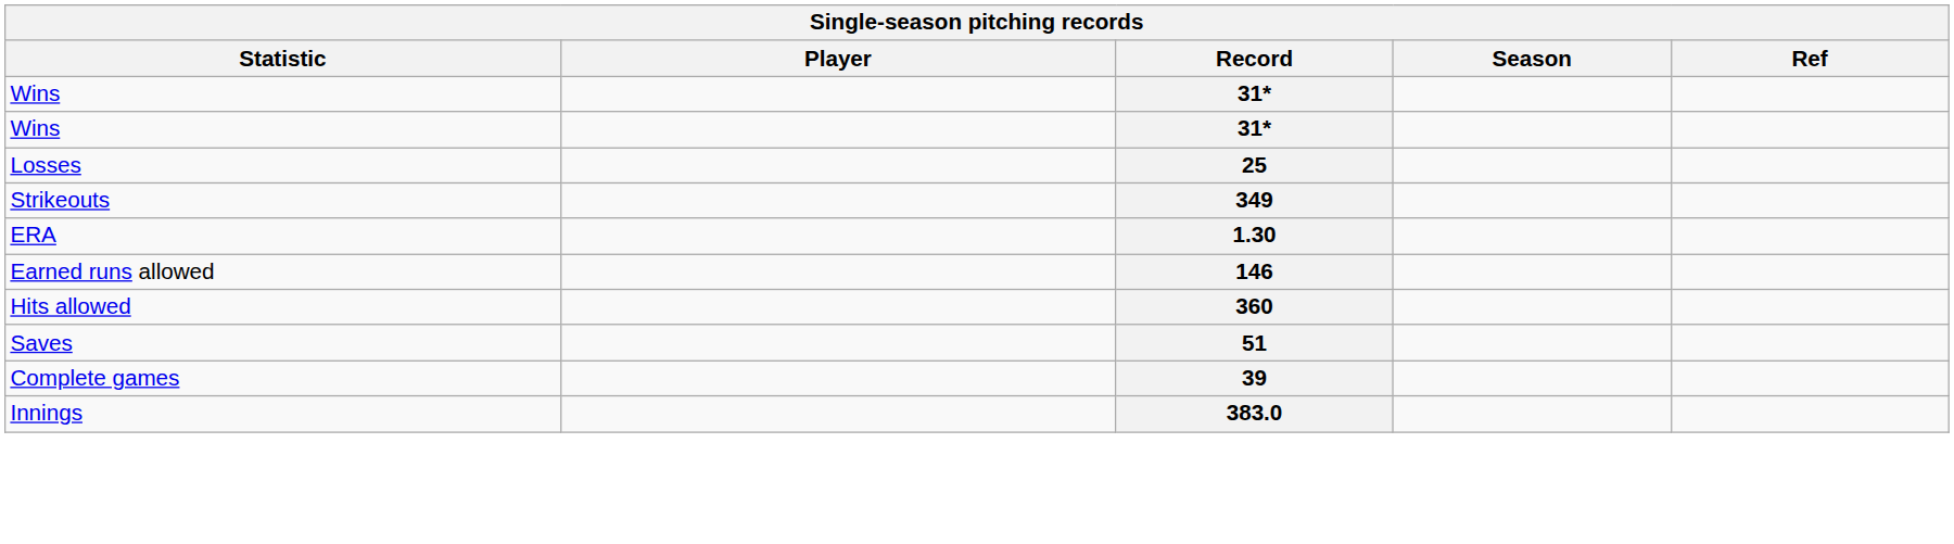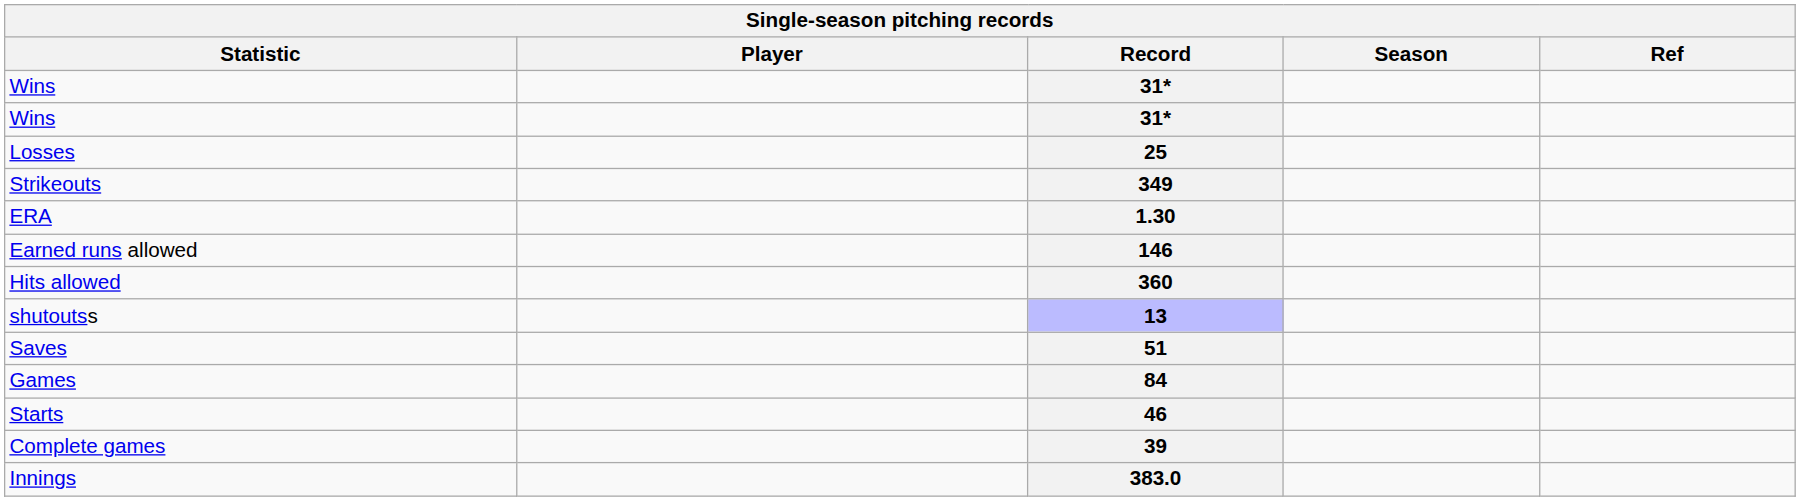 <table class="wikitable" style="text-align:left" width="70%">
 <tr>
 <th colspan=5>Single-season pitching records</th>
 </tr>
 <tr>
 <th scope="col" width=20%>Statistic</th>
 <th scope="col" width=20%>Player</th>
 <th scope="col" width=10% class="unsortable">Record</th>
 <th scope="col" width=10%>Season</th>
 <th scope="col" width=10% class="unsortable">Ref</th>
 </tr>
 <tr>
 <td><a href='#'>Wins</a></td>
 <td></td>
 <th scope="row">31*</th>
 <td></td>
 <td></td>
 </tr>
 <tr>
 <td><a href='#'>Wins</a></td>
 <td></td>
 <th scope="row">31*</th>
 <td></td>
 <td></td>
 </tr>
 <tr>
 <td><a href='#'>Losses</a></td>
 <td></td>
 <th scope="row">25</th>
 <td></td>
 <td></td>
 </tr>
 <tr>
 <td><a href='#'>Strikeouts</a></td>
 <td></td>
 <th scope="row">349</th>
 <td></td>
 <td></td>
 </tr>
 <tr>
 <td><a href='#'>ERA</a></td>
 <td></td>
 <th scope="row">1.30</th>
 <td></td>
 <td></td>
 </tr>
 <tr>
 <td><a href='#'>Earned runs</a> allowed</td>
 <td></td>
 <th scope="row">146</th>
 <td></td>
 <td></td>
 </tr>
 <tr>
 <td><a href='#'>Hits allowed</a></td>
 <td></td>
 <th scope="row">360</th>
 <td></td>
 <td></td>
 </tr>
 <tr>
+<td><a href='#'>shutouts</a>s</td>
+<td></td>
+<th scope="row" style="background-color:#bbbbff">13</th>
+<td></td>
+<td></td>
+</tr>
+<tr>
 <td><a href='#'>Saves</a></td>
 <td></td>
 <th scope="row">51</th>
+<td></td>
+<td></td>
+</tr>
+<tr>
+<td><a href='#'>Games</a></td>
+<td></td>
+<th scope="row">84</th>
+<td></td>
+<td></td>
+</tr>
+<tr>
+<td><a href='#'>Starts</a></td>
+<td></td>
+<th scope="row">46</th>
 <td></td>
 <td></td>
 </tr>
 <tr>
 <td><a href='#'>Complete games</a></td>
 <td></td>
 <th scope="row">39</th>
 <td></td>
 <td></td>
 </tr>
 <tr>
 <td><a href='#'>Innings</a></td>
 <td></td>
 <th scope="row">383.0</th>
 <td></td>
 <td></td>
 </tr>
 </table>
